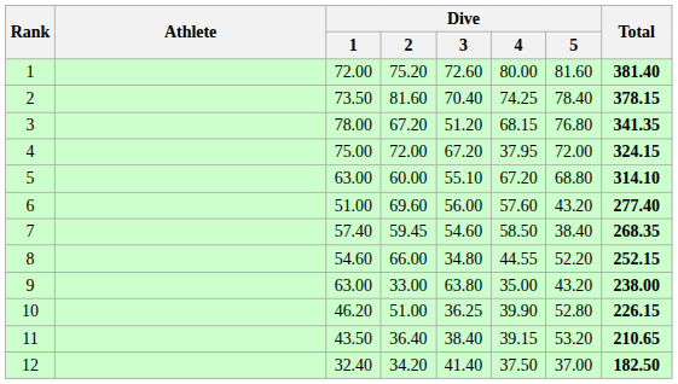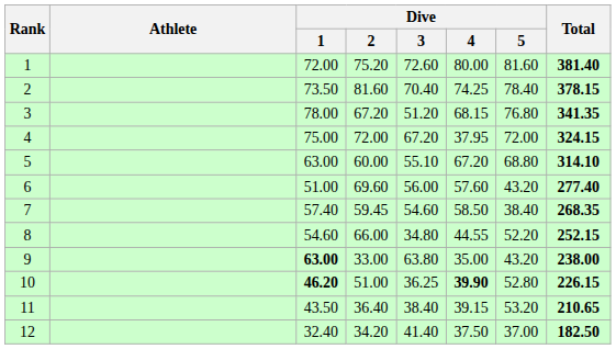 <table class=wikitable style="text-align:center">
 <tr>
 <th rowspan="2" width=40>Rank</th>
 <th rowspan="2" width=250>Athlete</th>
 <th colspan="5">Dive</th>
 <th rowspan="2" width=60>Total</th>
 </tr>
 <tr>
 <th width=45>1</th>
 <th width=45>2</th>
 <th width=45>3</th>
 <th width=45>4</th>
 <th width=45>5</th>
 </tr>
 <tr bgcolor="ccffcc">
 <td>1</td>
 <td align=left></td>
 <td>72.00</td>
 <td>75.20</td>
 <td>72.60</td>
 <td>80.00</td>
 <td>81.60</td>
 <td><strong>381.40</strong></td>
 </tr>
 <tr bgcolor="ccffcc">
 <td>2</td>
 <td align=left></td>
 <td>73.50</td>
 <td>81.60</td>
 <td>70.40</td>
 <td>74.25</td>
 <td>78.40</td>
 <td><strong>378.15</strong></td>
 </tr>
 <tr bgcolor="ccffcc">
 <td>3</td>
 <td align=left></td>
 <td>78.00</td>
 <td>67.20</td>
 <td>51.20</td>
 <td>68.15</td>
 <td>76.80</td>
 <td><strong>341.35</strong></td>
 </tr>
 <tr bgcolor="ccffcc">
 <td>4</td>
 <td align=left></td>
 <td>75.00</td>
 <td>72.00</td>
 <td>67.20</td>
 <td>37.95</td>
 <td>72.00</td>
 <td><strong>324.15</strong></td>
 </tr>
 <tr bgcolor="ccffcc">
 <td>5</td>
 <td align=left></td>
 <td>63.00</td>
 <td>60.00</td>
 <td>55.10</td>
 <td>67.20</td>
 <td>68.80</td>
 <td><strong>314.10</strong></td>
 </tr>
 <tr bgcolor="ccffcc">
 <td>6 </td>
 <td align=left></td>
 <td>51.00</td>
 <td>69.60</td>
 <td>56.00</td>
 <td>57.60</td>
 <td>43.20</td>
 <td><strong>277.40</strong></td>
 </tr>
 <tr bgcolor="ccffcc">
 <td>7</td>
 <td align=left></td>
 <td>57.40</td>
 <td>59.45</td>
 <td>54.60</td>
 <td>58.50</td>
 <td>38.40</td>
 <td><strong>268.35</strong></td>
 </tr>
 <tr bgcolor="ccffcc">
 <td>8</td>
 <td align=left></td>
 <td>54.60</td>
 <td>66.00</td>
 <td>34.80</td>
 <td>44.55</td>
 <td>52.20</td>
 <td><strong>252.15</strong></td>
 </tr>
 <tr bgcolor="ccffcc">
 <td>9</td>
 <td align=left></td>
-<td>63.00</td>
+<td><strong>63.00</strong></td>
 <td>33.00</td>
 <td>63.80</td>
 <td>35.00</td>
 <td>43.20</td>
 <td><strong>238.00</strong></td>
 </tr>
 <tr bgcolor="ccffcc">
 <td>10</td>
 <td align=left></td>
-<td>46.20</td>
+<td><strong>46.20</strong></td>
 <td>51.00</td>
 <td>36.25</td>
-<td>39.90</td>
+<td><strong>39.90</strong></td>
 <td>52.80</td>
 <td><strong>226.15</strong></td>
 </tr>
 <tr bgcolor="ccffcc">
 <td>11</td>
 <td align=left></td>
 <td>43.50</td>
 <td>36.40</td>
 <td>38.40</td>
 <td>39.15</td>
 <td>53.20</td>
 <td><strong>210.65</strong></td>
 </tr>
 <tr bgcolor="ccffcc">
 <td>12</td>
 <td align=left></td>
 <td>32.40</td>
 <td>34.20</td>
 <td>41.40</td>
 <td>37.50</td>
 <td>37.00</td>
 <td><strong>182.50</strong></td>
 </tr>
 </table>
